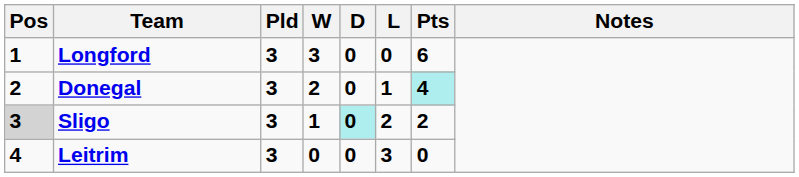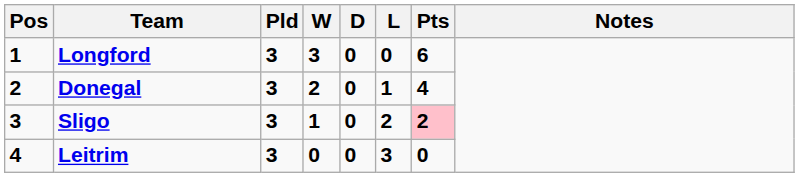 <table class="wikitable" style="text-align: centre;">
 <tr>
 <th width=20>Pos</th>
 <th width=150>Team</th>
 <th width=20>Pld</th>
 <th width=20>W</th>
 <th width=20>D</th>
 <th width=20>L</th>
 <th width=20>Pts</th>
 <th width=250>Notes</th>
 </tr>
 <tr>
 <td><strong>1</strong></td>
 <td align=left><strong> <a href='#'>Longford</a> </strong></td>
 <td><strong>3</strong></td>
 <td><strong>3</strong></td>
 <td><strong>0</strong></td>
 <td><strong>0</strong></td>
 <td><strong>6</strong></td>
 </tr>
 <tr>
 <td><strong>2</strong></td>
 <td align=left><strong> <a href='#'>Donegal</a> </strong></td>
 <td><strong>3</strong></td>
 <td><strong>2</strong></td>
 <td><strong>0</strong></td>
 <td><strong>1</strong></td>
-<td style="background: paleturquoise;"><strong>4</strong></td>
+<td><strong>4</strong></td>
 </tr>
 <tr>
-<td style="background: lightgrey;"><strong>3</strong></td>
+<td><strong>3</strong></td>
 <td align=left><strong> <a href='#'>Sligo</a> </strong></td>
 <td><strong>3</strong></td>
 <td><strong>1</strong></td>
-<td style="background: paleturquoise;"><strong>0</strong></td>
+<td><strong>0</strong></td>
 <td><strong>2</strong></td>
-<td><strong>2</strong></td>
+<td style="background: pink;"><strong>2</strong></td>
 </tr>
 <tr>
 <td><strong>4</strong></td>
 <td align=left><strong> <a href='#'>Leitrim</a> </strong></td>
 <td><strong>3</strong></td>
 <td><strong>0</strong></td>
 <td><strong>0</strong></td>
 <td><strong>3</strong></td>
 <td><strong>0</strong></td>
 </tr>
 </table>
